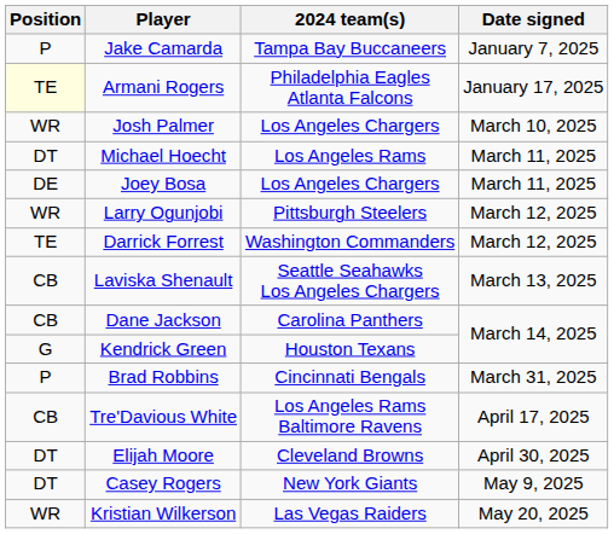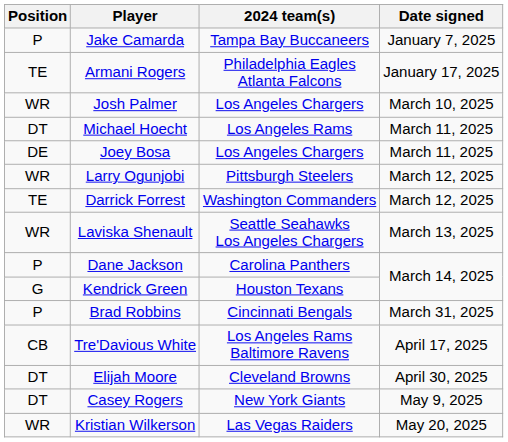 <table class="wikitable sortable" style="text-align:center">
 <tr>
 <th>Position</th>
 <th>Player</th>
 <th>2024 team(s)</th>
 <th>Date signed</th>
 </tr>
 <tr>
 <td>P</td>
 <td><a href='#'>Jake Camarda</a></td>
 <td><a href='#'>Tampa Bay Buccaneers</a></td>
 <td>January 7, 2025</td>
 </tr>
 <tr>
-<td style="background: lightyellow;">TE</td>
+<td>TE</td>
 <td><a href='#'>Armani Rogers</a></td>
 <td><a href='#'>Philadelphia Eagles</a> <br> <a href='#'>Atlanta Falcons</a></td>
 <td>January 17, 2025</td>
 </tr>
 <tr>
 <td>WR</td>
 <td><a href='#'>Josh Palmer</a></td>
 <td><a href='#'>Los Angeles Chargers</a></td>
 <td>March 10, 2025</td>
 </tr>
 <tr>
 <td>DT</td>
 <td><a href='#'>Michael Hoecht</a></td>
 <td><a href='#'>Los Angeles Rams</a></td>
 <td>March 11, 2025</td>
 </tr>
 <tr>
 <td>DE</td>
 <td><a href='#'>Joey Bosa</a></td>
 <td><a href='#'>Los Angeles Chargers</a></td>
 <td>March 11, 2025</td>
 </tr>
 <tr>
 <td>WR</td>
 <td><a href='#'>Larry Ogunjobi</a></td>
 <td><a href='#'>Pittsburgh Steelers</a></td>
 <td>March 12, 2025</td>
 </tr>
 <tr>
 <td>TE</td>
 <td><a href='#'>Darrick Forrest</a></td>
 <td><a href='#'>Washington Commanders</a></td>
 <td>March 12, 2025</td>
 </tr>
 <tr>
-<td>CB</td>
+<td>WR</td>
 <td><a href='#'>Laviska Shenault</a></td>
 <td><a href='#'>Seattle Seahawks</a> <br> <a href='#'>Los Angeles Chargers</a></td>
 <td>March 13, 2025</td>
 </tr>
 <tr>
-<td>CB</td>
+<td>P</td>
 <td><a href='#'>Dane Jackson</a></td>
 <td><a href='#'>Carolina Panthers</a></td>
 <td rowspan=2>March 14, 2025</td>
 </tr>
 <tr>
 <td>G</td>
 <td><a href='#'>Kendrick Green</a></td>
 <td><a href='#'>Houston Texans</a></td>
 </tr>
 <tr>
 <td>P</td>
 <td><a href='#'>Brad Robbins</a></td>
 <td><a href='#'>Cincinnati Bengals</a></td>
 <td>March 31, 2025</td>
 </tr>
 <tr>
 <td>CB</td>
 <td><a href='#'>Tre'Davious White</a></td>
 <td><a href='#'>Los Angeles Rams</a> <br> <a href='#'>Baltimore Ravens</a></td>
 <td>April 17, 2025</td>
 </tr>
 <tr>
 <td>DT</td>
 <td><a href='#'>Elijah Moore</a></td>
 <td><a href='#'>Cleveland Browns</a></td>
 <td>April 30, 2025</td>
 </tr>
 <tr>
 <td>DT</td>
 <td><a href='#'>Casey Rogers</a></td>
 <td><a href='#'>New York Giants</a></td>
 <td>May 9, 2025</td>
 </tr>
 <tr>
 <td>WR</td>
 <td><a href='#'>Kristian Wilkerson</a></td>
 <td><a href='#'>Las Vegas Raiders</a></td>
 <td>May 20, 2025</td>
 </tr>
 </table>
